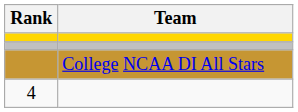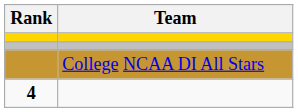 <table class="wikitable" style="text-align:center;">
 <tr>
 <th width=40>Rank</th>
 <th width=200>Team</th>
 </tr>
 <tr bgcolor="gold">
 <td></td>
 <td style="text-align:left;"></td>
 </tr>
 <tr bgcolor="silver">
 <td></td>
 <td style="text-align:left;"></td>
 </tr>
 <tr bgcolor="#C69633">
 <td></td>
 <td style="text-align:left;"> <a href='#'>College</a> <a href='#'>NCAA DI All Stars</a></td>
 </tr>
 <tr>
-<td>4</td>
+<td><strong>4</strong></td>
 <td style="text-align:left;"></td>
 </tr>
 </table>
